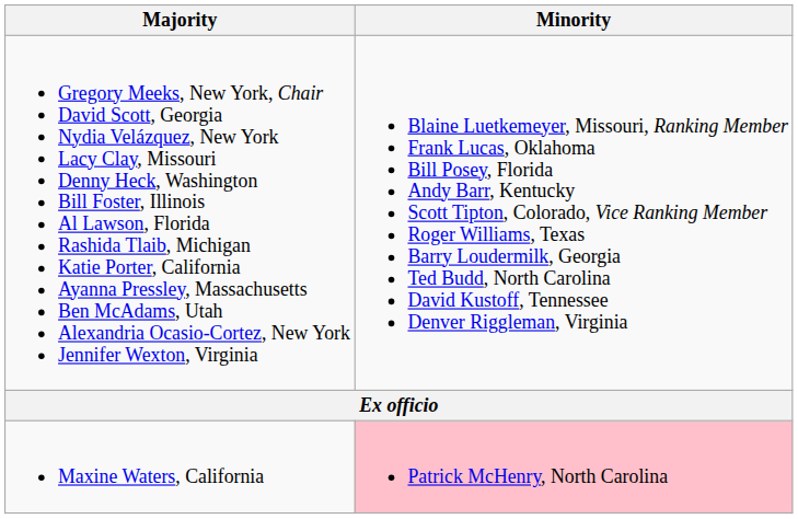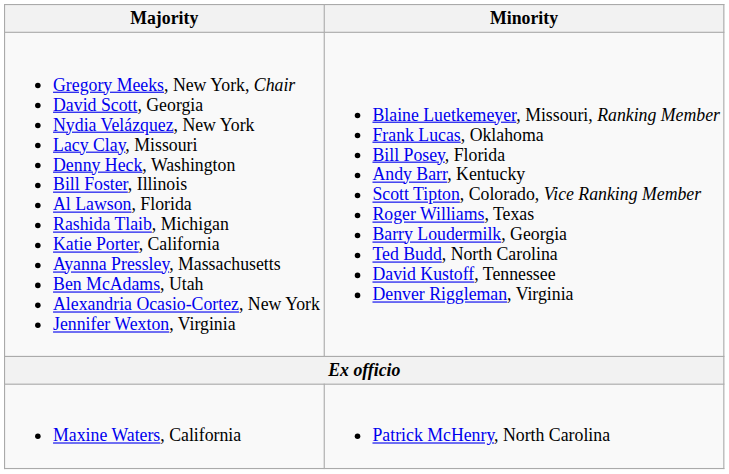 <table class=wikitable>
 <tr>
 <th>Majority</th>
 <th>Minority</th>
 </tr>
 <tr>
 <td><br><ul><li><a href='#'>Gregory Meeks</a>, New York, <em>Chair</em></li><li><a href='#'>David Scott</a>, Georgia</li><li><a href='#'>Nydia Velázquez</a>, New York</li><li><a href='#'>Lacy Clay</a>, Missouri</li><li><a href='#'>Denny Heck</a>, Washington</li><li><a href='#'>Bill Foster</a>, Illinois</li><li><a href='#'>Al Lawson</a>, Florida</li><li><a href='#'>Rashida Tlaib</a>, Michigan</li><li><a href='#'>Katie Porter</a>, California</li><li><a href='#'>Ayanna Pressley</a>, Massachusetts</li><li><a href='#'>Ben McAdams</a>, Utah</li><li><a href='#'>Alexandria Ocasio-Cortez</a>, New York</li><li><a href='#'>Jennifer Wexton</a>, Virginia</li></ul></td>
 <td><br><ul><li><a href='#'>Blaine Luetkemeyer</a>, Missouri, <em>Ranking Member</em></li><li><a href='#'>Frank Lucas</a>, Oklahoma</li><li><a href='#'>Bill Posey</a>, Florida</li><li><a href='#'>Andy Barr</a>, Kentucky</li><li><a href='#'>Scott Tipton</a>, Colorado, <em>Vice Ranking Member</em></li><li><a href='#'>Roger Williams</a>, Texas</li><li><a href='#'>Barry Loudermilk</a>, Georgia</li><li><a href='#'>Ted Budd</a>, North Carolina</li><li><a href='#'>David Kustoff</a>, Tennessee</li><li><a href='#'>Denver Riggleman</a>, Virginia</li></ul></td>
 </tr>
 <tr>
 <th colspan=2><em>Ex officio</em></th>
 </tr>
 <tr>
 <td><br><ul><li><a href='#'>Maxine Waters</a>, California</li></ul></td>
-<td style="background: pink;"><br><ul><li><a href='#'>Patrick McHenry</a>, North Carolina</li></ul></td>
+<td><br><ul><li><a href='#'>Patrick McHenry</a>, North Carolina</li></ul></td>
 </tr>
 </table>
